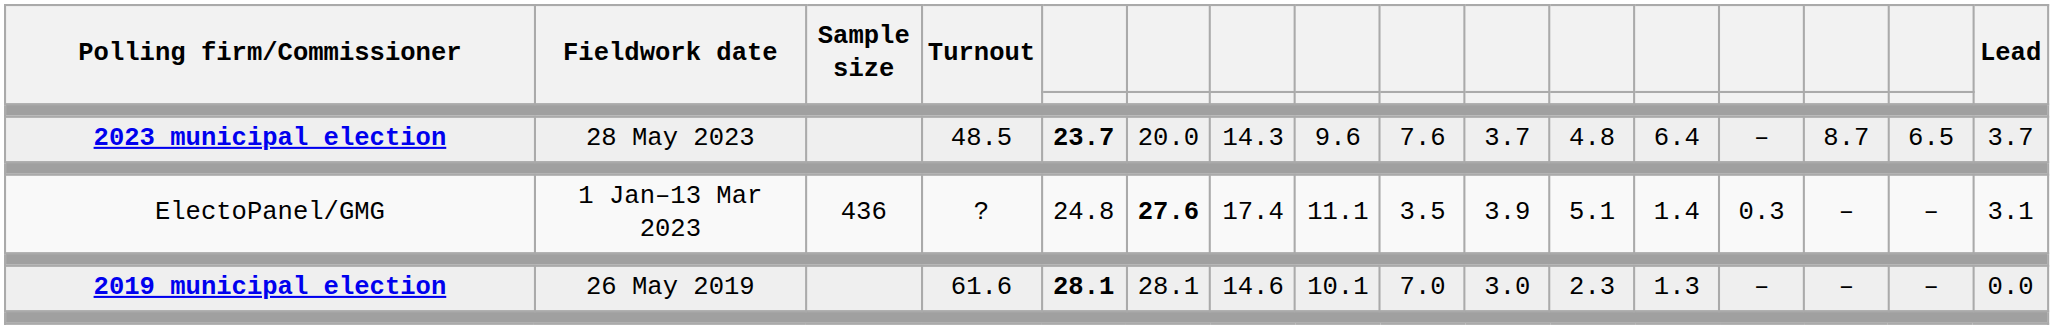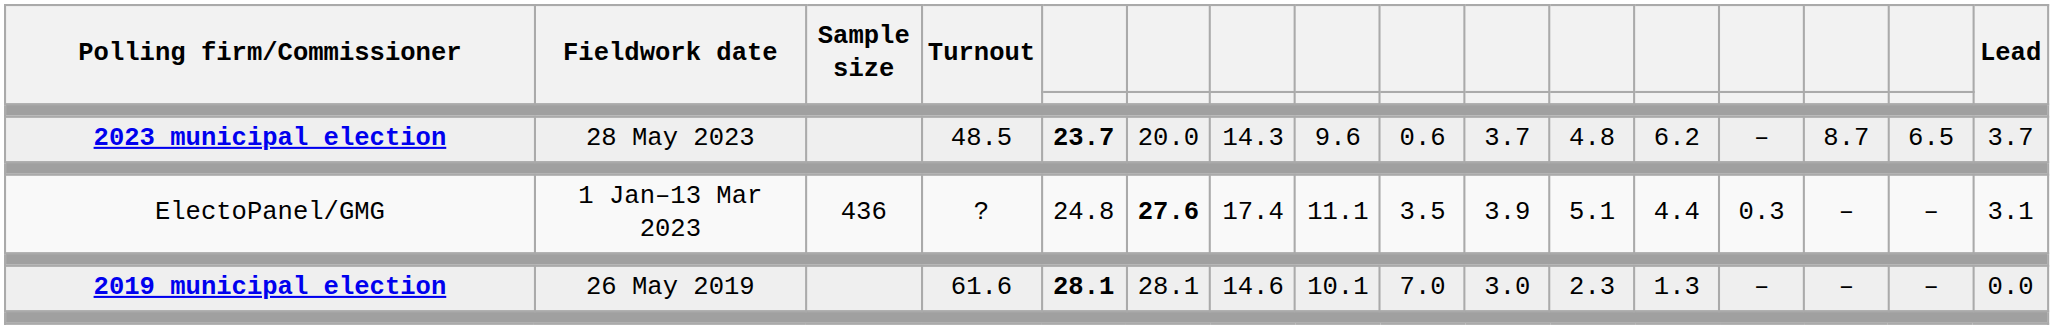 <table class="wikitable collapsible collapsed" style="text-align:center; font-size:95%; line-height:16px;">
 <tr style="height:42px;">
 <th style="width:250px;" rowspan="2">Polling firm/Commissioner</th>
 <th style="width:125px;" rowspan="2">Fieldwork date</th>
 <th style="width:50px;" rowspan="2">Sample size</th>
 <th style="width:45px;" rowspan="2">Turnout</th>
 <th style="width:35px;"></th>
 <th style="width:35px;"><br></th>
 <th style="width:35px;"></th>
 <th style="width:35px;"></th>
 <th style="width:35px;"></th>
 <th style="width:35px;"></th>
 <th style="width:35px;"></th>
 <th style="width:35px;"></th>
 <th style="width:35px;"></th>
 <th style="width:35px;"></th>
 <th style="width:35px;"></th>
 <th style="width:30px;" rowspan="2">Lead</th>
 </tr>
 <tr>
 <th style="color:inherit;background:"></th>
 <th style="color:inherit;background:"></th>
 <th style="color:inherit;background:"></th>
 <th style="color:inherit;background:"></th>
 <th style="color:inherit;background:"></th>
 <th style="color:inherit;background:"></th>
 <th style="color:inherit;background:"></th>
 <th style="color:inherit;background:"></th>
 <th style="color:inherit;background:"></th>
 <th style="color:inherit;background:"></th>
 <th style="color:inherit;background:"></th>
 </tr>
 <tr>
 <td colspan="16" style="background:#A0A0A0"></td>
 </tr>
 <tr style="background:#EFEFEF;">
 <td><strong><a href='#'>2023 municipal election</a></strong></td>
 <td>28 May 2023</td>
 <td></td>
 <td>48.5</td>
 <td><strong>23.7</strong><br></td>
 <td>20.0<br></td>
 <td>14.3<br></td>
 <td>9.6<br></td>
-<td>7.6<br></td>
+<td>0.6<br></td>
 <td>3.7<br></td>
 <td>4.8<br></td>
-<td>6.4<br></td>
+<td>6.2<br></td>
 <td>–</td>
 <td>8.7<br></td>
 <td>6.5<br></td>
 <td style="background:">3.7</td>
 </tr>
 <tr>
 <td colspan="16" style="background:#A0A0A0"></td>
 </tr>
 <tr>
 <td>ElectoPanel/GMG</td>
 <td>1 Jan–13 Mar 2023</td>
 <td>436</td>
 <td>?</td>
 <td>24.8<br></td>
 <td><strong>27.6</strong><br></td>
 <td>17.4<br></td>
 <td>11.1<br></td>
 <td>3.5<br></td>
 <td>3.9<br></td>
 <td>5.1<br></td>
-<td>1.4<br></td>
+<td>4.4<br></td>
 <td>0.3<br></td>
 <td>–</td>
 <td>–</td>
 <td style="background:">3.1</td>
 </tr>
 <tr>
 <td colspan="16" style="background:#A0A0A0"></td>
 </tr>
 <tr style="background:#EFEFEF;">
 <td><strong><a href='#'>2019 municipal election</a></strong></td>
 <td>26 May 2019</td>
 <td></td>
 <td>61.6</td>
 <td><strong>28.1</strong><br></td>
 <td>28.1<br></td>
 <td>14.6<br></td>
 <td>10.1<br></td>
 <td>7.0<br></td>
 <td>3.0<br></td>
 <td>2.3<br></td>
 <td>1.3<br></td>
 <td>–</td>
 <td>–</td>
 <td>–</td>
 <td style="background:">0.0</td>
 </tr>
 <tr>
 <td colspan="16" style="background:#A0A0A0"></td>
 </tr>
 </table>
